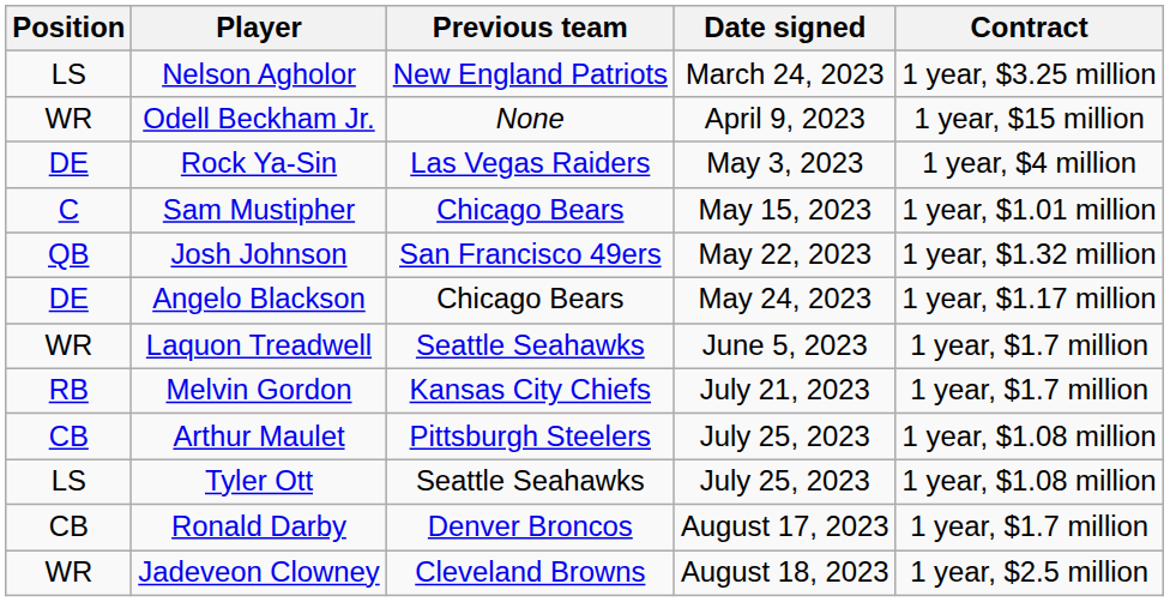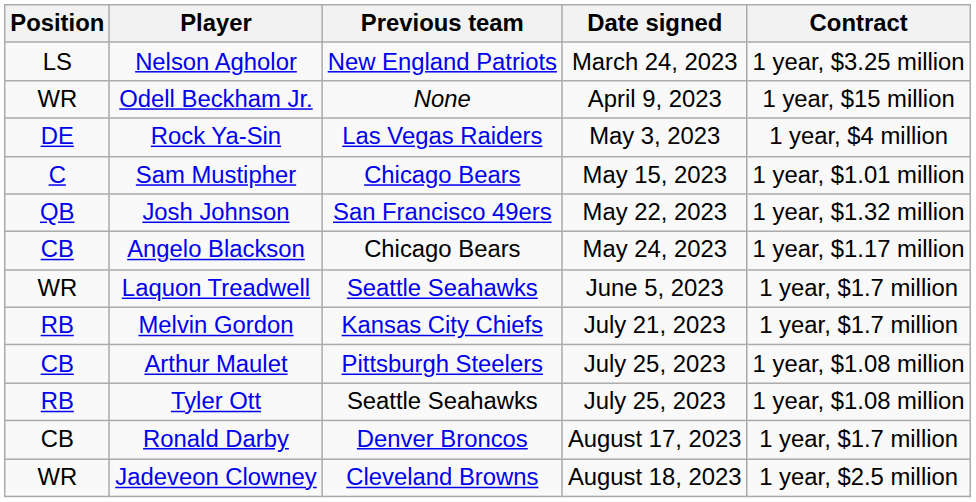 <table class="wikitable" style="text-align:center">
 <tr>
 <th>Position</th>
 <th>Player</th>
 <th>Previous team</th>
 <th>Date signed</th>
 <th>Contract</th>
 </tr>
 <tr>
 <td>LS</td>
 <td><a href='#'>Nelson Agholor</a></td>
 <td><a href='#'>New England Patriots</a></td>
 <td>March 24, 2023</td>
 <td>1 year, $3.25 million</td>
 </tr>
 <tr>
 <td>WR</td>
 <td><a href='#'>Odell Beckham Jr.</a></td>
 <td><em>None</em> </td>
 <td>April 9, 2023</td>
 <td>1 year, $15 million</td>
 </tr>
 <tr>
 <td><a href='#'>DE</a></td>
 <td><a href='#'>Rock Ya-Sin</a></td>
 <td><a href='#'>Las Vegas Raiders</a></td>
 <td>May 3, 2023</td>
 <td>1 year, $4 million</td>
 </tr>
 <tr>
 <td><a href='#'>C</a></td>
 <td><a href='#'>Sam Mustipher</a></td>
 <td><a href='#'>Chicago Bears</a></td>
 <td>May 15, 2023</td>
 <td>1 year, $1.01 million</td>
 </tr>
 <tr>
 <td><a href='#'>QB</a></td>
 <td><a href='#'>Josh Johnson</a></td>
 <td><a href='#'>San Francisco 49ers</a></td>
 <td>May 22, 2023</td>
 <td>1 year, $1.32 million</td>
 </tr>
 <tr>
-<td><a href='#'>DE</a></td>
+<td><a href='#'>CB</a></td>
 <td><a href='#'>Angelo Blackson</a></td>
 <td>Chicago Bears</td>
 <td>May 24, 2023</td>
 <td>1 year, $1.17 million</td>
 </tr>
 <tr>
 <td>WR</td>
 <td><a href='#'>Laquon Treadwell</a></td>
 <td><a href='#'>Seattle Seahawks</a></td>
 <td>June 5, 2023</td>
 <td>1 year, $1.7 million</td>
 </tr>
 <tr>
 <td><a href='#'>RB</a></td>
 <td><a href='#'>Melvin Gordon</a></td>
 <td><a href='#'>Kansas City Chiefs</a></td>
 <td>July 21, 2023</td>
 <td>1 year, $1.7 million</td>
 </tr>
 <tr>
 <td><a href='#'>CB</a></td>
 <td><a href='#'>Arthur Maulet</a></td>
 <td><a href='#'>Pittsburgh Steelers</a></td>
 <td>July 25, 2023</td>
 <td>1 year, $1.08 million</td>
 </tr>
 <tr>
-<td>LS</td>
+<td><a href='#'>RB</a></td>
 <td><a href='#'>Tyler Ott</a></td>
 <td>Seattle Seahawks</td>
 <td>July 25, 2023</td>
 <td>1 year, $1.08 million</td>
 </tr>
 <tr>
 <td>CB</td>
 <td><a href='#'>Ronald Darby</a></td>
 <td><a href='#'>Denver Broncos</a></td>
 <td>August 17, 2023</td>
 <td>1 year, $1.7 million</td>
 </tr>
 <tr>
 <td>WR</td>
 <td><a href='#'>Jadeveon Clowney</a></td>
 <td><a href='#'>Cleveland Browns</a></td>
 <td>August 18, 2023</td>
 <td>1 year, $2.5 million</td>
 </tr>
 </table>
